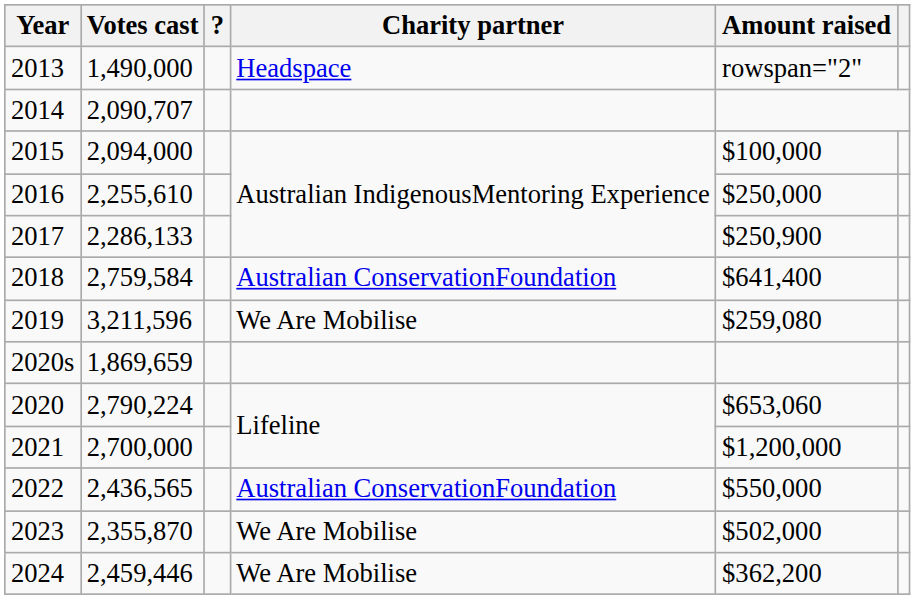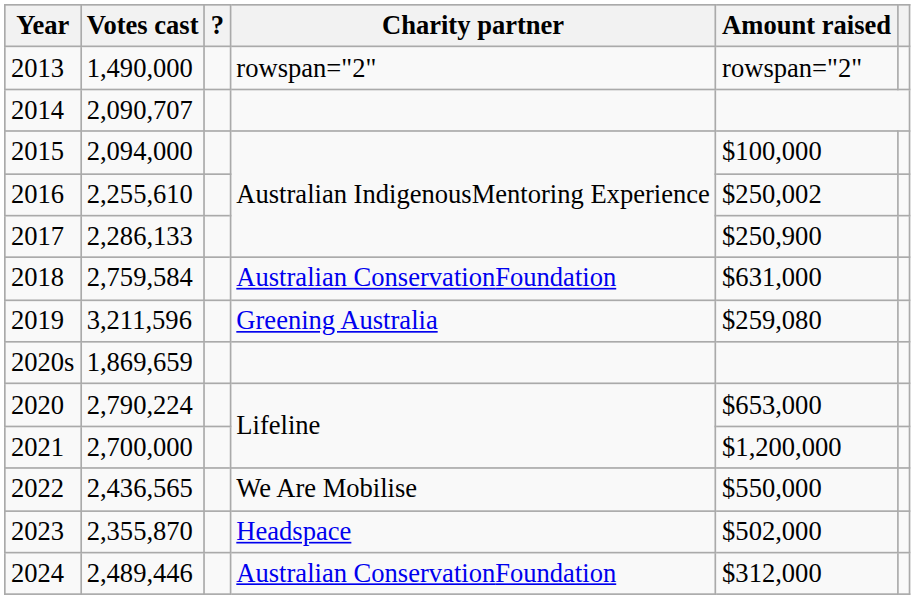 <table class="wikitable defaultcenter sortable plainrowheaders">
 <tr>
 <th scope="col">Year</th>
 <th scope="col">Votes cast</th>
 <th class="unsortable" scope="col">?</th>
 <th>Charity partner</th>
 <th>Amount raised</th>
 <th class="unsortable" scope="col"></th>
 </tr>
 <tr>
 <td>2013</td>
 <td>1,490,000</td>
 <td></td>
-<td><a href='#'>Headspace</a></td>
+<td>rowspan="2" </td>
 <td>rowspan="2" </td>
 <td></td>
 </tr>
 <tr>
 <td>2014</td>
 <td>2,090,707</td>
 <td></td>
 <td></td>
 </tr>
 <tr>
 <td>2015</td>
 <td>2,094,000</td>
 <td></td>
 <td rowspan="3">Australian IndigenousMentoring Experience</td>
 <td>$100,000</td>
 <td></td>
 </tr>
 <tr>
 <td>2016</td>
 <td>2,255,610</td>
 <td></td>
-<td>$250,000</td>
+<td>$250,002</td>
 <td></td>
 </tr>
 <tr>
 <td>2017</td>
 <td>2,286,133</td>
 <td></td>
 <td>$250,900</td>
 <td></td>
 </tr>
 <tr>
 <td>2018</td>
 <td>2,759,584</td>
 <td></td>
 <td><a href='#'>Australian Conservation</a><a href='#'>Foundation</a></td>
-<td>$641,400</td>
+<td>$631,000</td>
 <td></td>
 </tr>
 <tr>
 <td>2019</td>
 <td>3,211,596</td>
 <td></td>
-<td>We Are Mobilise</td>
+<td><a href='#'>Greening Australia</a></td>
 <td>$259,080</td>
 <td></td>
 </tr>
 <tr>
 <td>2020s</td>
 <td>1,869,659</td>
 <td></td>
 <td></td>
 <td></td>
 <td></td>
 </tr>
 <tr>
 <td>2020</td>
 <td>2,790,224</td>
 <td></td>
 <td rowspan="2">Lifeline</td>
-<td>$653,060</td>
+<td>$653,000</td>
 <td></td>
 </tr>
 <tr>
 <td>2021</td>
 <td>2,700,000</td>
 <td></td>
 <td>$1,200,000</td>
 <td></td>
 </tr>
 <tr>
 <td>2022</td>
 <td>2,436,565</td>
 <td></td>
-<td><a href='#'>Australian Conservation</a><a href='#'>Foundation</a></td>
+<td>We Are Mobilise</td>
 <td>$550,000</td>
 <td></td>
 </tr>
 <tr>
 <td>2023</td>
 <td>2,355,870</td>
 <td></td>
-<td>We Are Mobilise</td>
+<td><a href='#'>Headspace</a></td>
 <td>$502,000</td>
 <td></td>
 </tr>
 <tr>
 <td>2024</td>
-<td>2,459,446</td>
+<td>2,489,446</td>
 <td></td>
-<td>We Are Mobilise</td>
-<td>$362,200</td>
+<td><a href='#'>Australian Conservation</a><a href='#'>Foundation</a></td>
+<td>$312,000</td>
 <td></td>
 </tr>
 </table>
